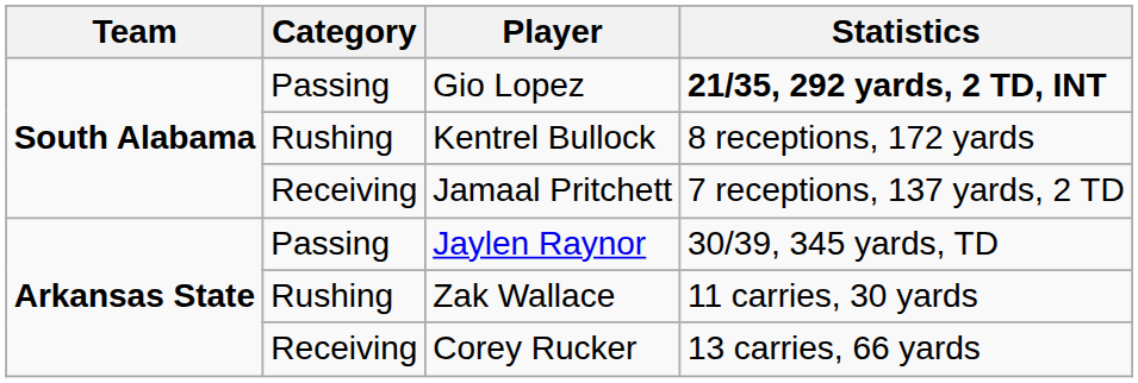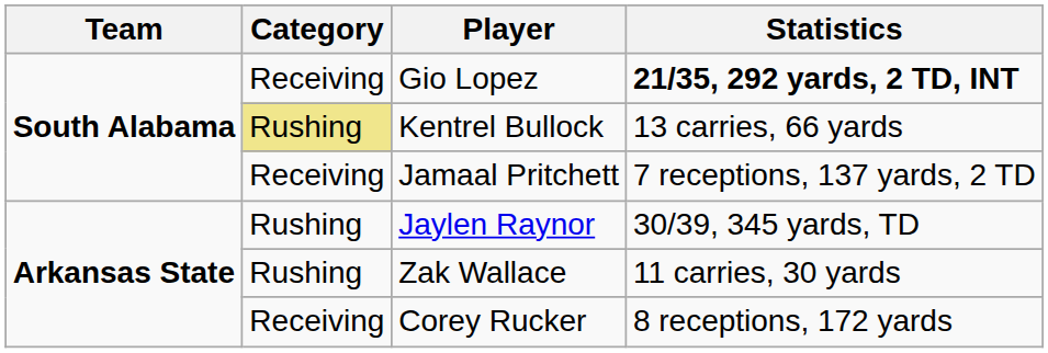 <table class="wikitable" style="float: right;">
 <tr>
 <th>Team</th>
 <th>Category</th>
 <th>Player</th>
 <th>Statistics</th>
 </tr>
 <tr>
 <td rowspan=3><strong>South Alabama</strong></td>
-<td>Passing</td>
+<td>Receiving</td>
 <td>Gio Lopez</td>
 <td><strong>21/35, 292 yards, 2 TD, INT</strong></td>
 </tr>
 <tr>
-<td>Rushing</td>
+<td style="background: khaki;">Rushing</td>
 <td>Kentrel Bullock</td>
-<td>8 receptions, 172 yards</td>
+<td>13 carries, 66 yards</td>
 </tr>
 <tr>
 <td>Receiving</td>
 <td>Jamaal Pritchett</td>
 <td>7 receptions, 137 yards, 2 TD</td>
 </tr>
 <tr>
 <td rowspan=3><strong>Arkansas State</strong></td>
-<td>Passing</td>
+<td>Rushing</td>
 <td><a href='#'>Jaylen Raynor</a></td>
 <td>30/39, 345 yards, TD</td>
 </tr>
 <tr>
 <td>Rushing</td>
 <td>Zak Wallace</td>
 <td>11 carries, 30 yards</td>
 </tr>
 <tr>
 <td>Receiving</td>
 <td>Corey Rucker</td>
-<td>13 carries, 66 yards</td>
+<td>8 receptions, 172 yards</td>
 </tr>
 </table>
